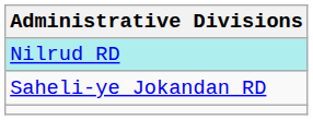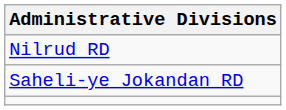 <table class="wikitable">
 <tr>
 <th>Administrative Divisions</th>
 </tr>
 <tr>
-<td style="background: paleturquoise;"><a href='#'>Nilrud RD</a></td>
+<td><a href='#'>Nilrud RD</a></td>
 </tr>
 <tr>
 <td><a href='#'>Saheli-ye Jokandan RD</a></td>
 </tr>
 <tr>
 <td colspan=1></td>
 </tr>
 </table>
